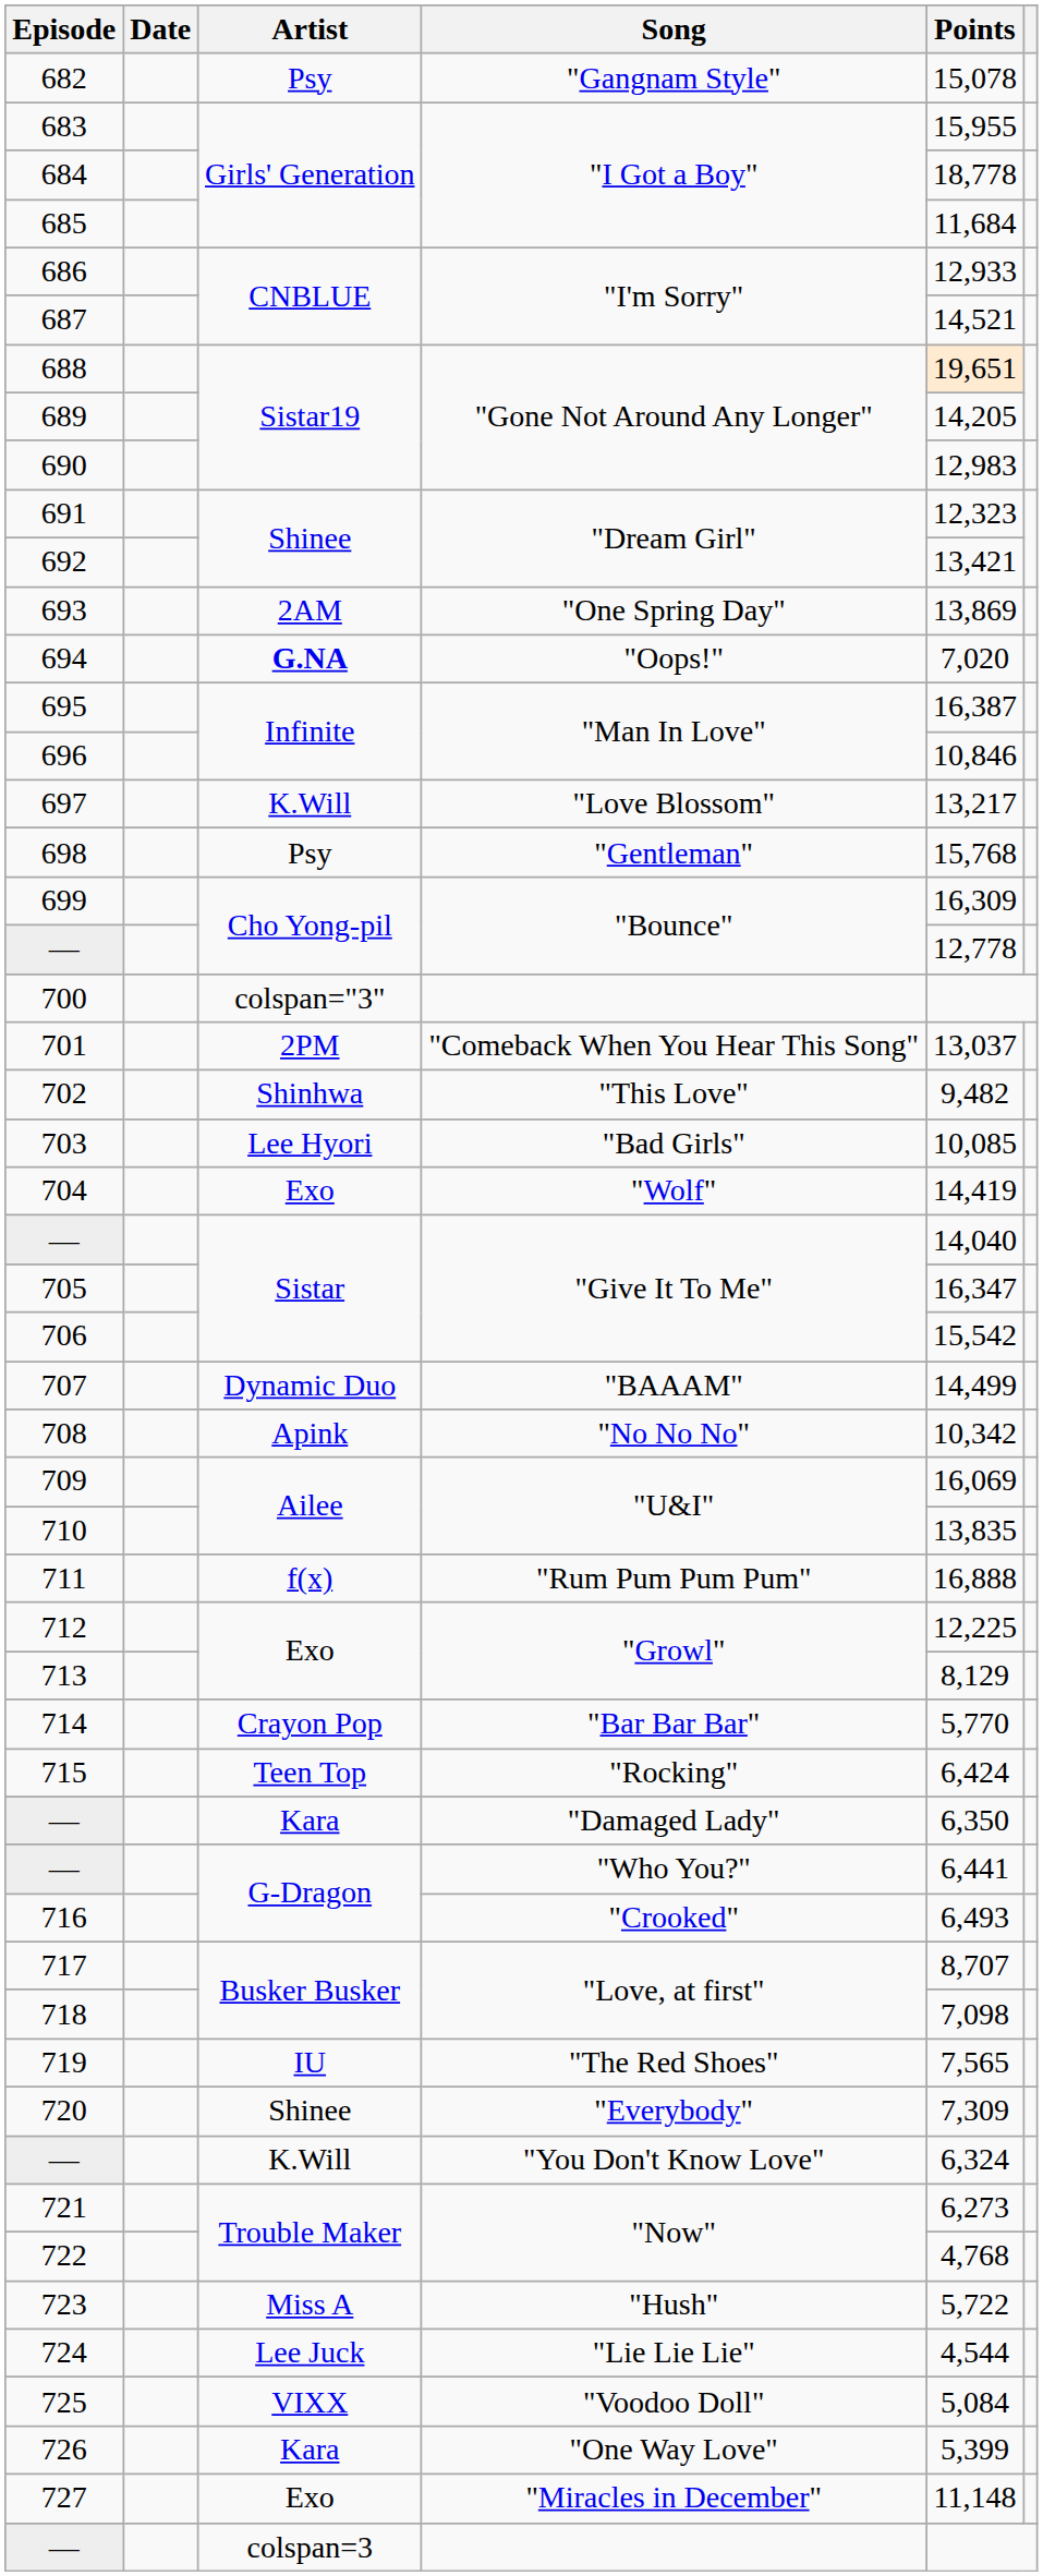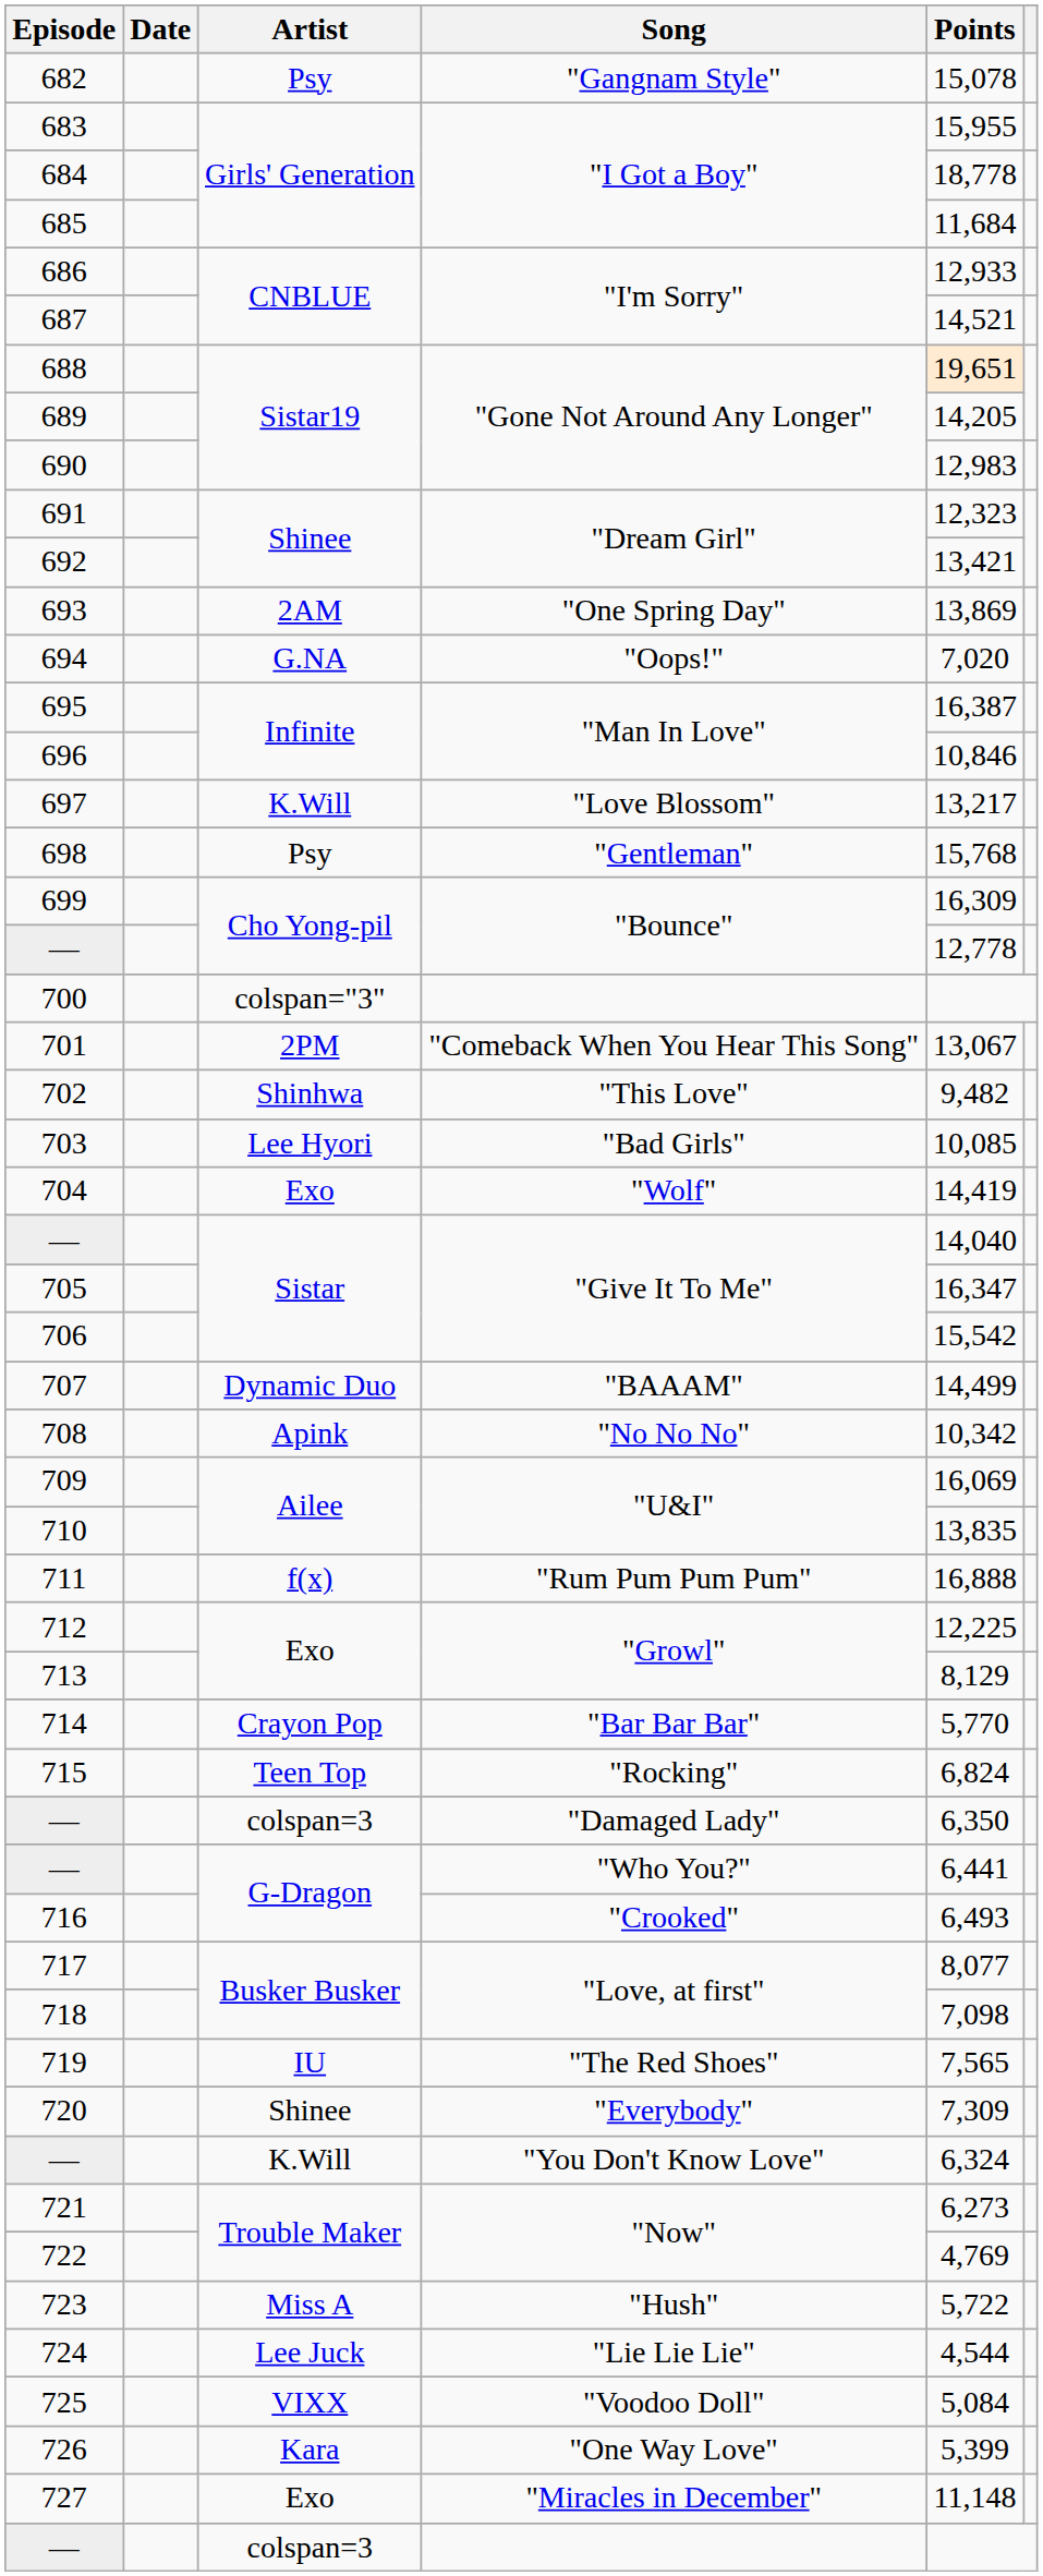 <table class="sortable wikitable" style=text-align:center>
 <tr>
 <th>Episode</th>
 <th>Date</th>
 <th>Artist</th>
 <th>Song</th>
 <th>Points</th>
 <th class="unsortable"></th>
 </tr>
 <tr>
 <td>682</td>
 <td></td>
 <td><a href='#'>Psy</a></td>
 <td>"<a href='#'>Gangnam Style</a>"</td>
 <td>15,078</td>
 <td></td>
 </tr>
 <tr>
 <td>683</td>
 <td></td>
 <td rowspan="3"><a href='#'>Girls' Generation</a></td>
 <td rowspan="3">"<a href='#'>I Got a Boy</a>"</td>
 <td>15,955</td>
 <td></td>
 </tr>
 <tr>
 <td>684</td>
 <td></td>
 <td>18,778</td>
 <td></td>
 </tr>
 <tr>
 <td>685</td>
 <td></td>
 <td>11,684</td>
 <td></td>
 </tr>
 <tr>
 <td>686</td>
 <td></td>
 <td rowspan="2"><a href='#'>CNBLUE</a></td>
 <td rowspan="2">"I'm Sorry"</td>
 <td>12,933</td>
 <td></td>
 </tr>
 <tr>
 <td>687</td>
 <td></td>
 <td>14,521</td>
 <td></td>
 </tr>
 <tr>
 <td>688</td>
 <td></td>
 <td rowspan="3"><a href='#'>Sistar19</a></td>
 <td rowspan="3">"Gone Not Around Any Longer"</td>
 <td style='background:#ffebd2'>19,651</td>
 <td rowspan="2"></td>
 </tr>
 <tr>
 <td>689</td>
 <td></td>
 <td>14,205</td>
 </tr>
 <tr>
 <td>690</td>
 <td></td>
 <td>12,983</td>
 <td></td>
 </tr>
 <tr>
 <td>691</td>
 <td></td>
 <td rowspan="2"><a href='#'>Shinee</a></td>
 <td rowspan="2">"Dream Girl"</td>
 <td>12,323</td>
 <td rowspan="2"></td>
 </tr>
 <tr>
 <td>692</td>
 <td></td>
 <td>13,421</td>
 </tr>
 <tr>
 <td>693</td>
 <td></td>
 <td><a href='#'>2AM</a></td>
 <td>"One Spring Day"</td>
 <td>13,869</td>
 <td></td>
 </tr>
 <tr>
 <td>694</td>
 <td></td>
-<td><strong><a href='#'>G.NA</a></strong></td>
+<td><a href='#'>G.NA</a></td>
 <td>"Oops!"</td>
 <td>7,020</td>
 <td></td>
 </tr>
 <tr>
 <td>695</td>
 <td></td>
 <td rowspan="2"><a href='#'>Infinite</a></td>
 <td rowspan="2">"Man In Love"</td>
 <td>16,387</td>
 <td></td>
 </tr>
 <tr>
 <td>696</td>
 <td></td>
 <td>10,846</td>
 <td></td>
 </tr>
 <tr>
 <td>697</td>
 <td></td>
 <td><a href='#'>K.Will</a></td>
 <td>"Love Blossom"</td>
 <td>13,217</td>
 <td></td>
 </tr>
 <tr>
 <td>698</td>
 <td></td>
 <td>Psy</td>
 <td>"<a href='#'>Gentleman</a>"</td>
 <td>15,768</td>
 <td></td>
 </tr>
 <tr>
 <td>699</td>
 <td></td>
 <td rowspan="2"><a href='#'>Cho Yong-pil</a></td>
 <td rowspan="2">"Bounce"</td>
 <td>16,309</td>
 <td></td>
 </tr>
 <tr>
 <td style="background:#eee;">—</td>
 <td></td>
 <td>12,778</td>
 <td></td>
 </tr>
 <tr>
 <td>700</td>
 <td></td>
 <td>colspan="3" </td>
 <td></td>
 </tr>
 <tr>
 <td>701</td>
 <td></td>
 <td><a href='#'>2PM</a></td>
 <td>"Comeback When You Hear This Song"</td>
-<td>13,037</td>
+<td>13,067</td>
 <td></td>
 </tr>
 <tr>
 <td>702</td>
 <td></td>
 <td><a href='#'>Shinhwa</a></td>
 <td>"This Love"</td>
 <td>9,482</td>
 <td></td>
 </tr>
 <tr>
 <td>703</td>
 <td></td>
 <td><a href='#'>Lee Hyori</a></td>
 <td>"Bad Girls"</td>
 <td>10,085</td>
 <td></td>
 </tr>
 <tr>
 <td>704</td>
 <td></td>
 <td><a href='#'>Exo</a></td>
 <td>"<a href='#'>Wolf</a>"</td>
 <td>14,419</td>
 <td></td>
 </tr>
 <tr>
 <td style="background:#eee;">—</td>
 <td></td>
 <td rowspan="3"><a href='#'>Sistar</a></td>
 <td rowspan="3">"Give It To Me"</td>
 <td>14,040</td>
 <td></td>
 </tr>
 <tr>
 <td>705</td>
 <td></td>
 <td>16,347</td>
 <td></td>
 </tr>
 <tr>
 <td>706</td>
 <td></td>
 <td>15,542</td>
 <td></td>
 </tr>
 <tr>
 <td>707</td>
 <td></td>
 <td><a href='#'>Dynamic Duo</a></td>
 <td>"BAAAM"</td>
 <td>14,499</td>
 <td></td>
 </tr>
 <tr>
 <td>708</td>
 <td></td>
 <td><a href='#'>Apink</a></td>
 <td>"<a href='#'>No No No</a>"</td>
 <td>10,342</td>
 <td></td>
 </tr>
 <tr>
 <td>709</td>
 <td></td>
 <td rowspan="2"><a href='#'>Ailee</a></td>
 <td rowspan="2">"U&I"</td>
 <td>16,069</td>
 <td></td>
 </tr>
 <tr>
 <td>710</td>
 <td></td>
 <td>13,835</td>
 <td></td>
 </tr>
 <tr>
 <td>711</td>
 <td></td>
 <td><a href='#'>f(x)</a></td>
 <td>"Rum Pum Pum Pum"</td>
 <td>16,888</td>
 <td></td>
 </tr>
 <tr>
 <td>712</td>
 <td></td>
 <td rowspan="2">Exo</td>
 <td rowspan="2">"<a href='#'>Growl</a>"</td>
 <td>12,225</td>
 <td></td>
 </tr>
 <tr>
 <td>713</td>
 <td></td>
 <td>8,129</td>
 <td></td>
 </tr>
 <tr>
 <td>714</td>
 <td></td>
 <td><a href='#'>Crayon Pop</a></td>
 <td>"<a href='#'>Bar Bar Bar</a>"</td>
 <td>5,770</td>
 <td></td>
 </tr>
 <tr>
 <td>715</td>
 <td></td>
 <td><a href='#'>Teen Top</a></td>
 <td>"Rocking"</td>
-<td>6,424</td>
+<td>6,824</td>
 <td></td>
 </tr>
 <tr>
 <td style="background:#eee;">—</td>
 <td></td>
-<td><a href='#'>Kara</a></td>
+<td>colspan=3 </td>
 <td>"Damaged Lady"</td>
 <td>6,350</td>
 <td></td>
 </tr>
 <tr>
 <td style="background:#eee;">—</td>
 <td></td>
 <td rowspan="2"><a href='#'>G-Dragon</a></td>
 <td>"Who You?"</td>
 <td>6,441</td>
 <td></td>
 </tr>
 <tr>
 <td>716</td>
 <td></td>
 <td>"<a href='#'>Crooked</a>"</td>
 <td>6,493</td>
 <td></td>
 </tr>
 <tr>
 <td>717</td>
 <td></td>
 <td rowspan="2"><a href='#'>Busker Busker</a></td>
 <td rowspan="2">"Love, at first"</td>
-<td>8,707</td>
+<td>8,077</td>
 <td></td>
 </tr>
 <tr>
 <td>718</td>
 <td></td>
 <td>7,098</td>
 <td></td>
 </tr>
 <tr>
 <td>719</td>
 <td></td>
 <td><a href='#'>IU</a></td>
 <td>"The Red Shoes"</td>
 <td>7,565</td>
 <td></td>
 </tr>
 <tr>
 <td>720</td>
 <td></td>
 <td>Shinee</td>
 <td>"<a href='#'>Everybody</a>"</td>
 <td>7,309</td>
 <td></td>
 </tr>
 <tr>
 <td style="background:#eee;">—</td>
 <td></td>
 <td>K.Will</td>
 <td>"You Don't Know Love"</td>
 <td>6,324</td>
 <td></td>
 </tr>
 <tr>
 <td>721</td>
 <td></td>
 <td rowspan="2"><a href='#'>Trouble Maker</a></td>
 <td rowspan="2">"Now"</td>
 <td>6,273</td>
 <td></td>
 </tr>
 <tr>
 <td>722</td>
 <td></td>
-<td>4,768</td>
+<td>4,769</td>
 <td></td>
 </tr>
 <tr>
 <td>723</td>
 <td></td>
 <td><a href='#'>Miss A</a></td>
 <td>"Hush"</td>
 <td>5,722</td>
 <td></td>
 </tr>
 <tr>
 <td>724</td>
 <td></td>
 <td><a href='#'>Lee Juck</a></td>
 <td>"Lie Lie Lie"</td>
 <td>4,544</td>
 <td></td>
 </tr>
 <tr>
 <td>725</td>
 <td></td>
 <td><a href='#'>VIXX</a></td>
 <td>"Voodoo Doll"</td>
 <td>5,084</td>
 <td></td>
 </tr>
 <tr>
 <td>726</td>
 <td></td>
 <td><a href='#'>Kara</a></td>
 <td>"One Way Love"</td>
 <td>5,399</td>
 <td></td>
 </tr>
 <tr>
 <td>727</td>
 <td></td>
 <td>Exo</td>
 <td>"<a href='#'>Miracles in December</a>"</td>
 <td>11,148</td>
 <td></td>
 </tr>
 <tr>
 <td style="background:#eee;">—</td>
 <td></td>
 <td>colspan=3 </td>
 <td></td>
 </tr>
 <tr>
 </tr>
 </table>
